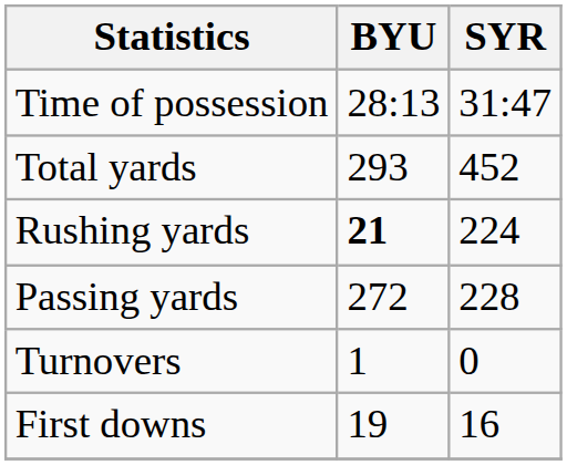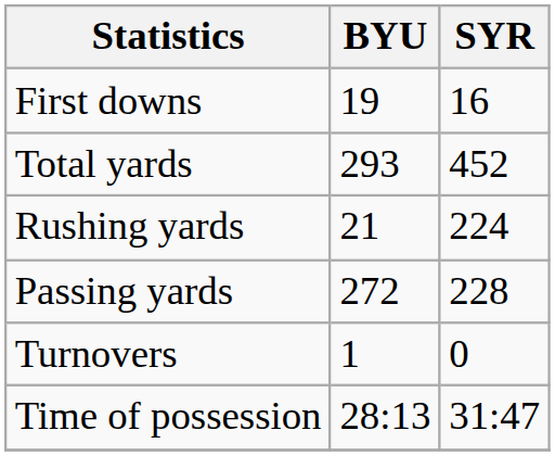 <table class="wikitable">
 <tr>
 <th>Statistics</th>
 <th>BYU</th>
 <th>SYR</th>
 </tr>
 <tr>
-<td>Time of possession</td>
-<td>28:13</td>
-<td>31:47</td>
+<td>First downs</td>
+<td>19</td>
+<td>16</td>
 </tr>
 <tr>
 <td>Total yards</td>
 <td>293</td>
 <td>452</td>
 </tr>
 <tr>
 <td>Rushing yards</td>
-<td><strong>21</strong></td>
+<td>21</td>
 <td>224</td>
 </tr>
 <tr>
 <td>Passing yards</td>
 <td>272</td>
 <td>228</td>
 </tr>
 <tr>
 <td>Turnovers</td>
 <td>1</td>
 <td>0</td>
 </tr>
 <tr>
-<td>First downs</td>
-<td>19</td>
-<td>16</td>
+<td>Time of possession</td>
+<td>28:13</td>
+<td>31:47</td>
 </tr>
 <tr>
 </tr>
 </table>
